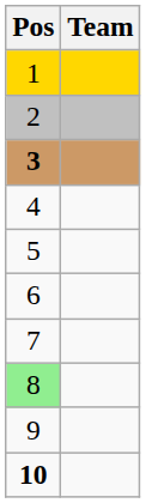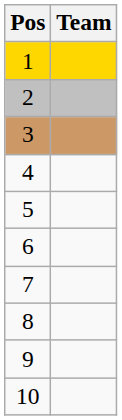 <table class="wikitable">
 <tr>
 <th>Pos</th>
 <th>Team</th>
 </tr>
 <tr bgcolor=gold>
 <td align=center>1</td>
 <td></td>
 </tr>
 <tr bgcolor=silver>
 <td align=center>2</td>
 <td></td>
 </tr>
 <tr bgcolor=cc9966>
-<td align=center><strong>3</strong></td>
+<td align=center>3</td>
 <td></td>
 </tr>
 <tr>
 <td align=center>4</td>
 <td></td>
 </tr>
 <tr>
 <td align=center>5</td>
 <td></td>
 </tr>
 <tr>
 <td align=center>6</td>
 <td></td>
 </tr>
 <tr>
 <td align=center>7</td>
 <td></td>
 </tr>
 <tr>
-<td align=center style="background: lightgreen;">8</td>
+<td align=center>8</td>
 <td></td>
 </tr>
 <tr>
 <td align=center>9</td>
 <td></td>
 </tr>
 <tr>
-<td align=center><strong>10</strong></td>
+<td align=center>10</td>
 <td></td>
 </tr>
 </table>
